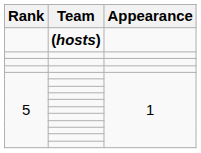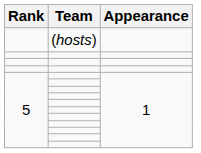 <table class=wikitable>
 <tr>
 <th>Rank</th>
 <th>Team</th>
 <th>Appearance</th>
 </tr>
 <tr>
 <td></td>
-<td><strong> (<em>hosts</em>)</strong></td>
+<td> (<em>hosts</em>)</td>
 <td></td>
 </tr>
 <tr>
 <td></td>
 <td></td>
 <td></td>
 </tr>
 <tr>
 <td></td>
 <td></td>
 <td></td>
 </tr>
 <tr>
 <td></td>
 <td></td>
 <td></td>
 </tr>
 <tr>
 <td rowspan=11 style="text-align:center;">5</td>
 <td></td>
 <td rowspan=11 style="text-align:center;">1</td>
 </tr>
 <tr>
 <td></td>
 </tr>
 <tr>
 <td></td>
 </tr>
 <tr>
 <td></td>
 </tr>
 <tr>
 <td></td>
 </tr>
 <tr>
 <td></td>
 </tr>
 <tr>
 <td></td>
 </tr>
 <tr>
 <td></td>
 </tr>
 <tr>
 <td></td>
 </tr>
 <tr>
 <td></td>
 </tr>
 <tr>
 <td></td>
 </tr>
 </table>
